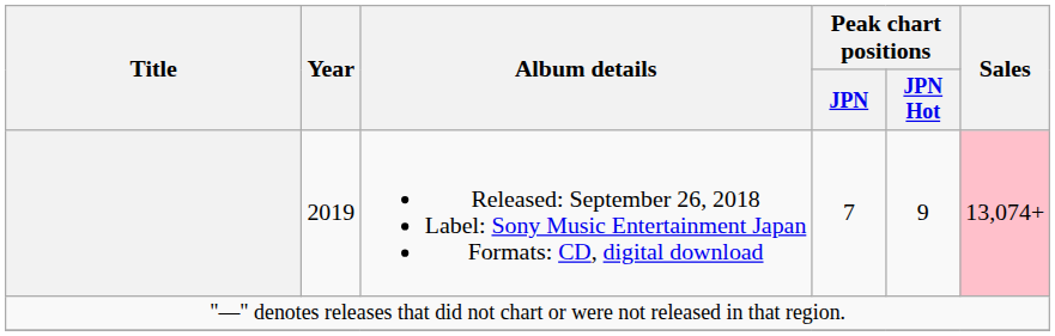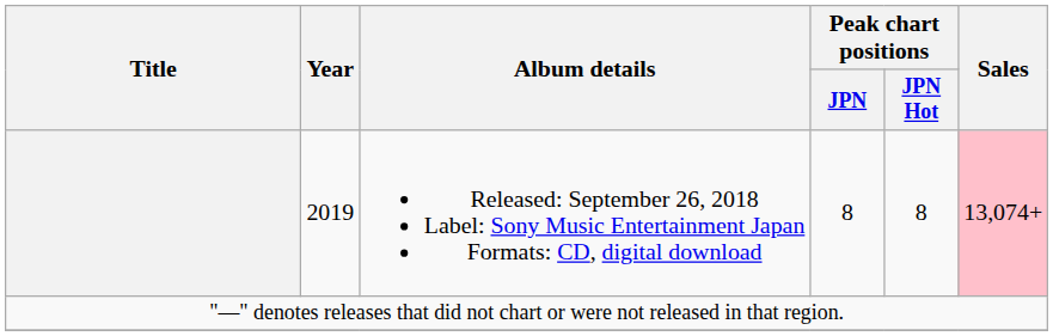 <table class="wikitable plainrowheaders" style="text-align:center;">
 <tr>
 <th scope="col" rowspan="2" style="width:12em;">Title</th>
 <th scope="col" rowspan="2">Year</th>
 <th scope="col" rowspan="2">Album details</th>
 <th scope="col" colspan="2">Peak chart positions</th>
 <th scope="col" rowspan="2">Sales</th>
 </tr>
 <tr>
 <th scope="col" style="width:3em;font-size:90%;"><a href='#'>JPN</a></th>
 <th scope="col" style="width:3em;font-size:90%;"><a href='#'>JPN<br>Hot</a></th>
 </tr>
 <tr>
 <th scope="row"></th>
 <td>2019</td>
 <td><br><ul><li>Released: September 26, 2018</li><li>Label: <a href='#'>Sony Music Entertainment Japan</a></li><li>Formats: <a href='#'>CD</a>, <a href='#'>digital download</a></li></ul></td>
-<td>7</td>
-<td>9</td>
+<td>8</td>
+<td>8</td>
 <td style="background: pink;">13,074+</td>
 </tr>
 <tr>
 <td colspan="6" style="font-size:90%;">"—" denotes releases that did not chart or were not released in that region.</td>
 </tr>
 <tr>
 </tr>
 </table>
